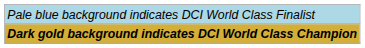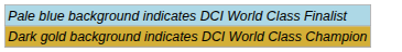 <table class="wikitable" style="font-size:95%;">
 <tr>
 <td style="background-color:#add8e6"><em>Pale blue background indicates DCI World Class Finalist</em></td>
 </tr>
 <tr>
-<td style="background-color:#d4af37"><strong><em>Dark gold background indicates DCI World Class Champion</em></strong></td>
+<td style="background-color:#d4af37"><em>Dark gold background indicates DCI World Class Champion</em></td>
 </tr>
 <tr>
 </tr>
 </table>
